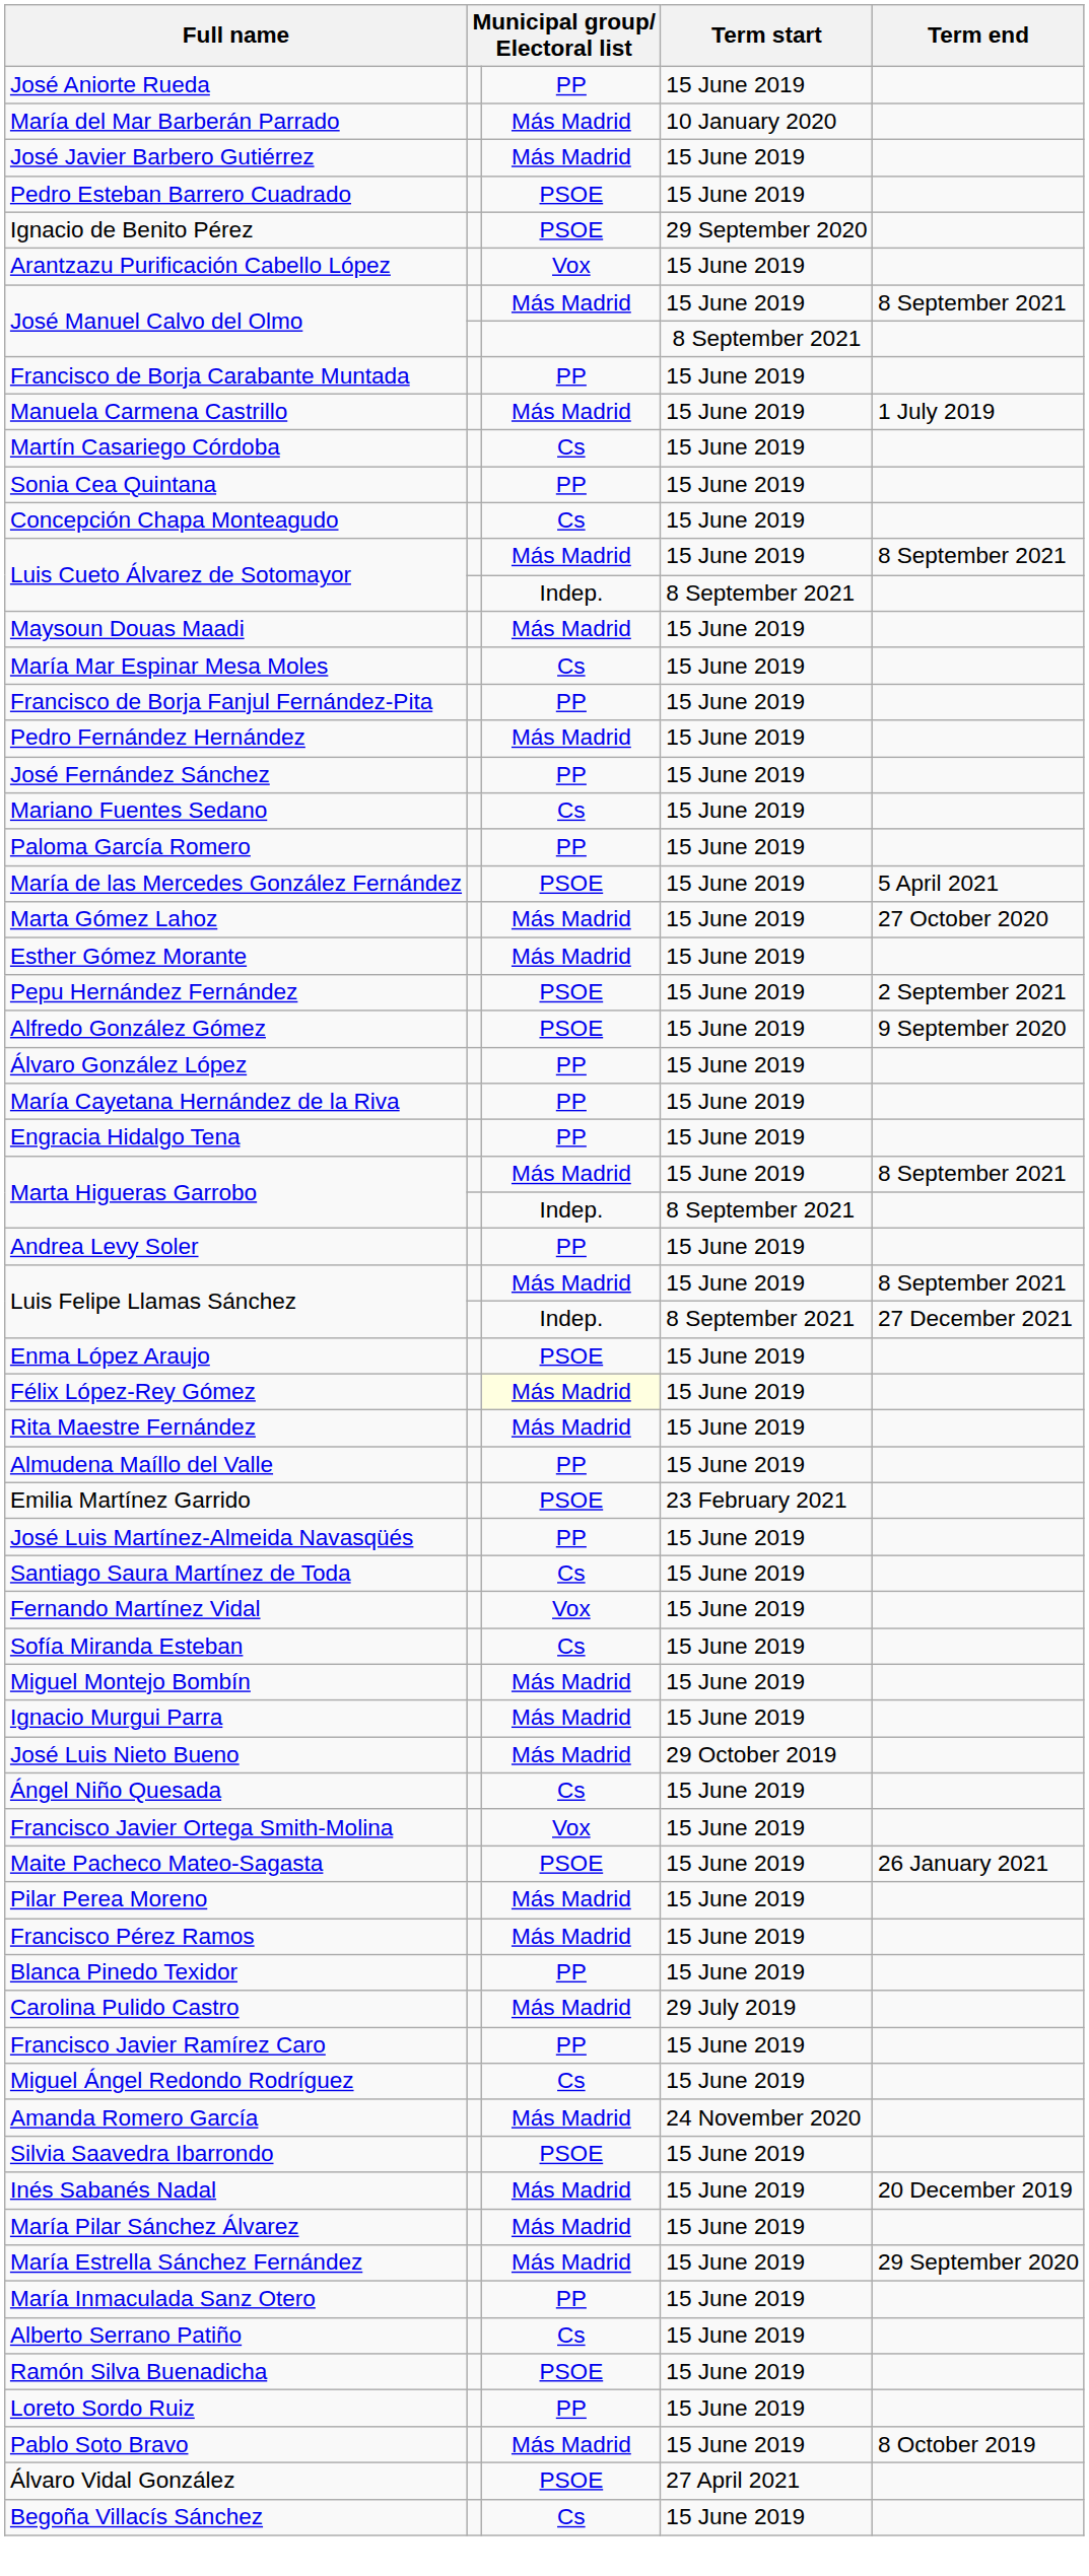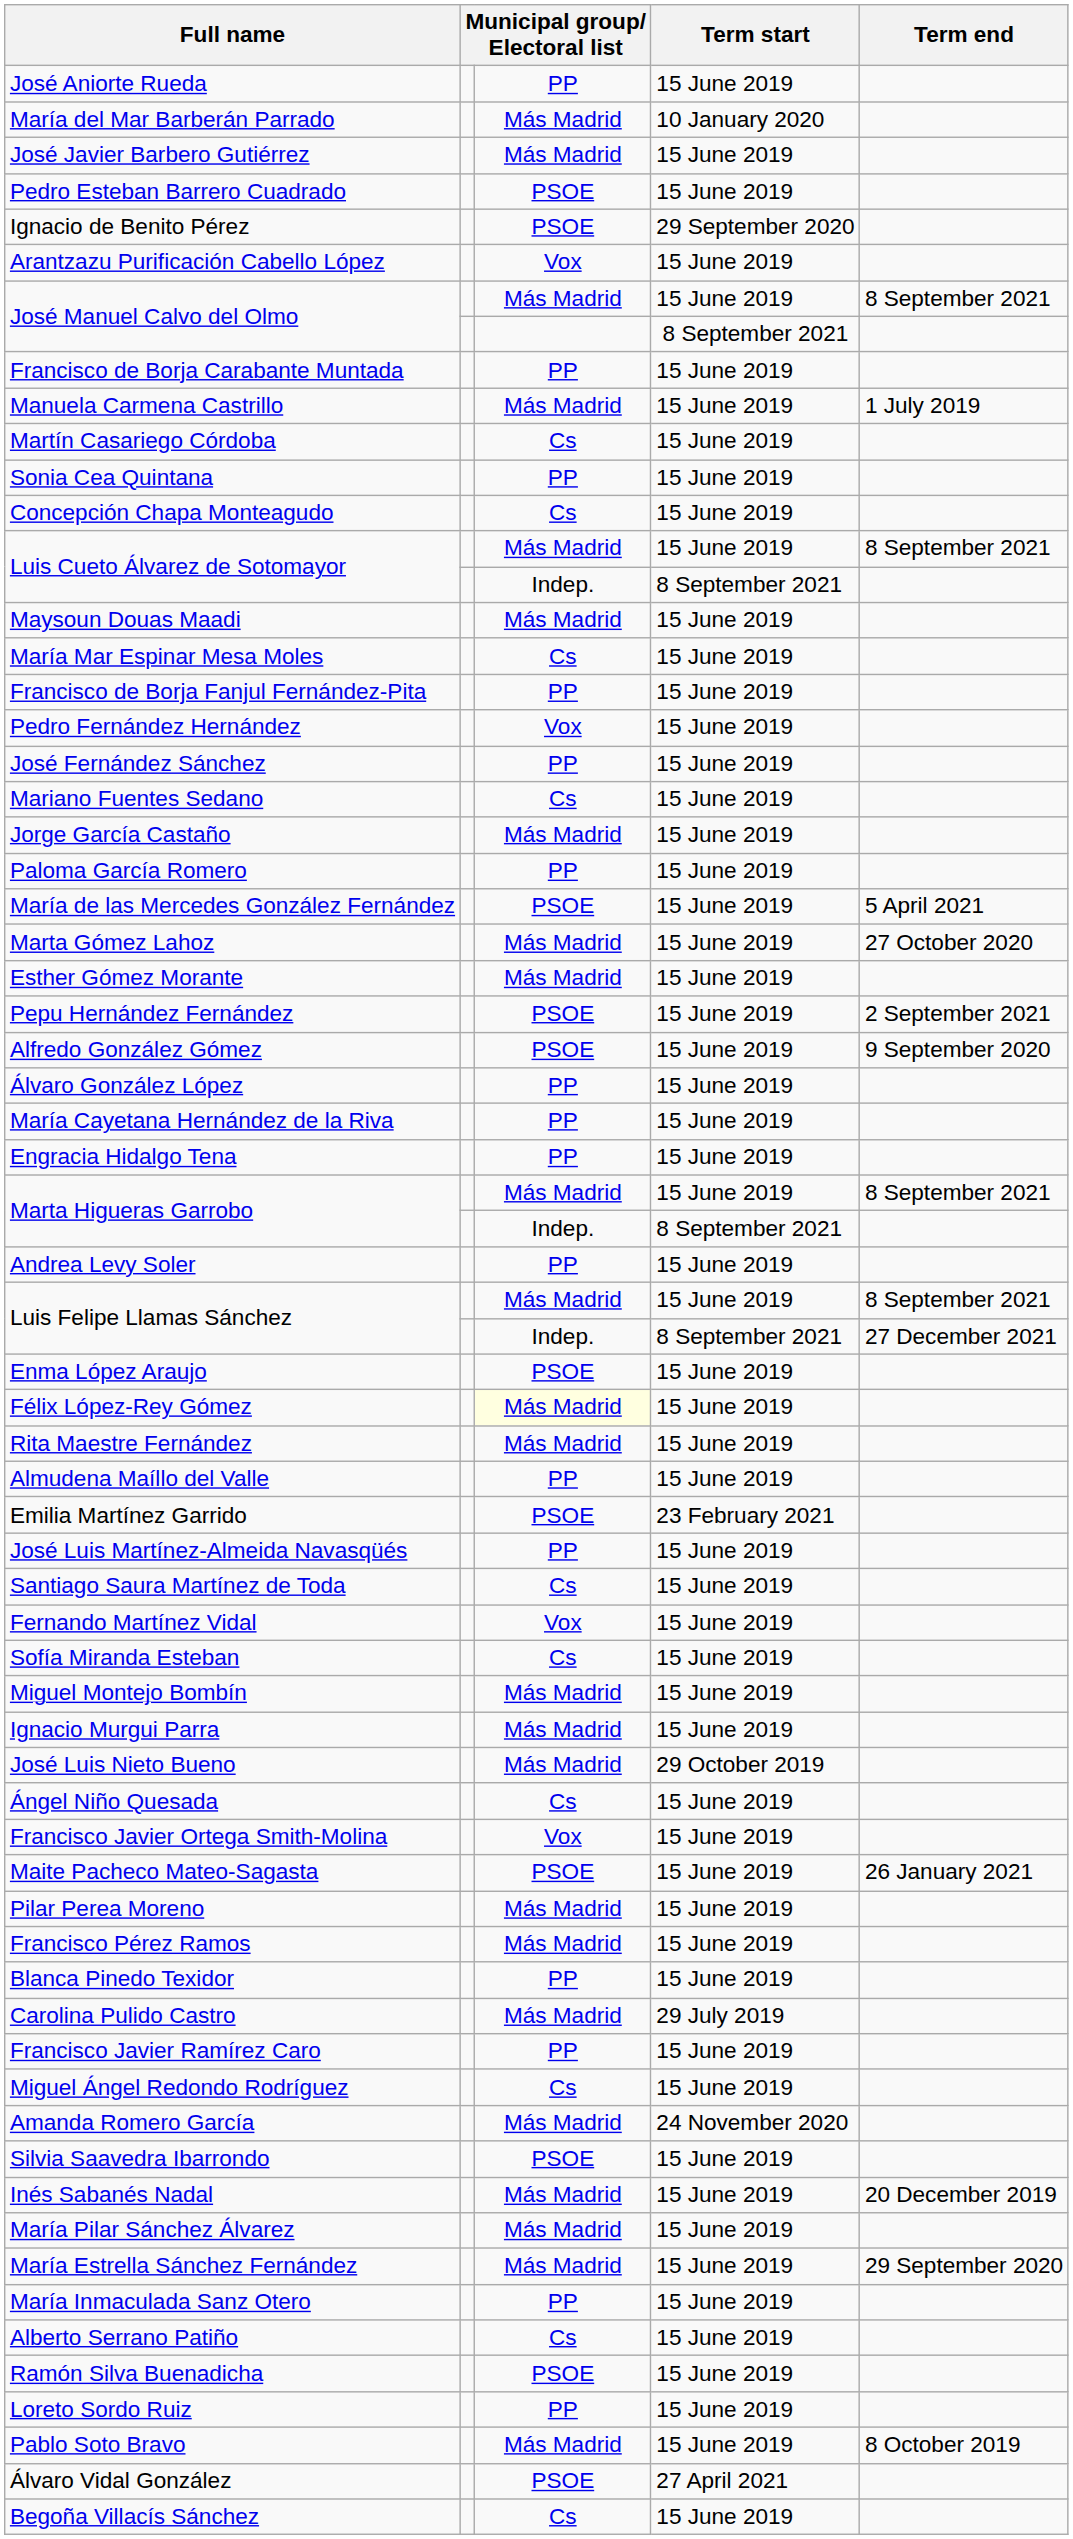 <table class="wikitable sortable">
 <tr>
 <th class="unsortable">Full name</th>
 <th colspan="2">Municipal group/<br>Electoral list</th>
 <th>Term start</th>
 <th>Term end</th>
 </tr>
 <tr>
 <td><a href='#'>José Aniorte Rueda</a></td>
 <td></td>
 <td align="center"><a href='#'>PP</a></td>
 <td>15 June 2019</td>
 <td></td>
 </tr>
 <tr>
 <td><a href='#'>María del Mar Barberán Parrado</a></td>
 <td></td>
 <td align="center"><a href='#'>Más Madrid</a></td>
 <td>10 January 2020</td>
 <td></td>
 </tr>
 <tr>
 <td><a href='#'>José Javier Barbero Gutiérrez</a></td>
 <td></td>
 <td align="center"><a href='#'>Más Madrid</a></td>
 <td>15 June 2019</td>
 <td></td>
 </tr>
 <tr>
 <td><a href='#'>Pedro Esteban Barrero Cuadrado</a></td>
 <td></td>
 <td align="center"><a href='#'>PSOE</a></td>
 <td>15 June 2019</td>
 <td></td>
 </tr>
 <tr>
 <td>Ignacio de Benito Pérez</td>
 <td></td>
 <td align="center"><a href='#'>PSOE</a></td>
 <td>29 September 2020</td>
 <td></td>
 </tr>
 <tr>
 <td><a href='#'>Arantzazu Purificación Cabello López</a></td>
 <td></td>
 <td align="center"><a href='#'>Vox</a></td>
 <td>15 June 2019</td>
 <td></td>
 </tr>
 <tr>
 <td rowspan="2"><a href='#'>José Manuel Calvo del Olmo</a></td>
 <td></td>
 <td align="center"><a href='#'>Más Madrid</a></td>
 <td>15 June 2019</td>
 <td>8 September 2021</td>
 </tr>
 <tr>
 <td></td>
 <td></td>
 <td align="center">8 September 2021</td>
 <td></td>
 </tr>
 <tr>
 <td><a href='#'>Francisco de Borja Carabante Muntada</a></td>
 <td></td>
 <td align="center"><a href='#'>PP</a></td>
 <td>15 June 2019</td>
 <td></td>
 </tr>
 <tr>
 <td><a href='#'>Manuela Carmena Castrillo</a></td>
 <td></td>
 <td align="center"><a href='#'>Más Madrid</a></td>
 <td>15 June 2019</td>
 <td>1 July 2019</td>
 </tr>
 <tr>
 <td><a href='#'>Martín Casariego Córdoba</a></td>
 <td></td>
 <td align="center"><a href='#'>Cs</a></td>
 <td>15 June 2019</td>
 <td></td>
 </tr>
 <tr>
 <td><a href='#'>Sonia Cea Quintana</a></td>
 <td></td>
 <td align="center"><a href='#'>PP</a></td>
 <td>15 June 2019</td>
 <td></td>
 </tr>
 <tr>
 <td><a href='#'>Concepción Chapa Monteagudo</a></td>
 <td></td>
 <td align="center"><a href='#'>Cs</a></td>
 <td>15 June 2019</td>
 <td></td>
 </tr>
 <tr>
 <td rowspan="2"><a href='#'>Luis Cueto Álvarez de Sotomayor</a></td>
 <td></td>
 <td align="center"><a href='#'>Más Madrid</a></td>
 <td>15 June 2019</td>
 <td>8 September 2021</td>
 </tr>
 <tr>
 <td></td>
 <td align="center">Indep.</td>
 <td>8 September 2021</td>
 <td></td>
 </tr>
 <tr>
 <td><a href='#'>Maysoun Douas Maadi</a></td>
 <td></td>
 <td align="center"><a href='#'>Más Madrid</a></td>
 <td>15 June 2019</td>
 <td></td>
 </tr>
 <tr>
 <td><a href='#'>María Mar Espinar Mesa Moles</a></td>
 <td></td>
 <td align="center"><a href='#'>Cs</a></td>
 <td>15 June 2019</td>
 <td></td>
 </tr>
 <tr>
 <td><a href='#'>Francisco de Borja Fanjul Fernández-Pita</a></td>
 <td></td>
 <td align="center"><a href='#'>PP</a></td>
 <td>15 June 2019</td>
 <td></td>
 </tr>
 <tr>
 <td><a href='#'>Pedro Fernández Hernández</a></td>
 <td></td>
-<td align="center"><a href='#'>Más Madrid</a></td>
+<td align="center"><a href='#'>Vox</a></td>
 <td>15 June 2019</td>
 <td></td>
 </tr>
 <tr>
 <td><a href='#'>José Fernández Sánchez</a></td>
 <td></td>
 <td align="center"><a href='#'>PP</a></td>
 <td>15 June 2019</td>
 <td></td>
 </tr>
 <tr>
 <td><a href='#'>Mariano Fuentes Sedano</a></td>
 <td></td>
 <td align="center"><a href='#'>Cs</a></td>
+<td>15 June 2019</td>
+<td></td>
+</tr>
+<tr>
+<td><a href='#'>Jorge García Castaño</a></td>
+<td></td>
+<td align="center"><a href='#'>Más Madrid</a></td>
 <td>15 June 2019</td>
 <td></td>
 </tr>
 <tr>
 <td><a href='#'>Paloma García Romero</a></td>
 <td></td>
 <td align="center"><a href='#'>PP</a></td>
 <td>15 June 2019</td>
 <td></td>
 </tr>
 <tr>
 <td><a href='#'>María de las Mercedes González Fernández</a></td>
 <td></td>
 <td align="center"><a href='#'>PSOE</a></td>
 <td>15 June 2019</td>
 <td>5 April 2021</td>
 </tr>
 <tr>
 <td><a href='#'>Marta Gómez Lahoz</a></td>
 <td></td>
 <td align="center"><a href='#'>Más Madrid</a></td>
 <td>15 June 2019</td>
 <td>27 October 2020</td>
 </tr>
 <tr>
 <td><a href='#'>Esther Gómez Morante</a></td>
 <td></td>
 <td align="center"><a href='#'>Más Madrid</a></td>
 <td>15 June 2019</td>
 <td></td>
 </tr>
 <tr>
 <td><a href='#'>Pepu Hernández Fernández</a></td>
 <td></td>
 <td align="center"><a href='#'>PSOE</a></td>
 <td>15 June 2019</td>
 <td>2 September 2021</td>
 </tr>
 <tr>
 <td><a href='#'>Alfredo González Gómez</a></td>
 <td></td>
 <td align="center"><a href='#'>PSOE</a></td>
 <td>15 June 2019</td>
 <td>9 September 2020</td>
 </tr>
 <tr>
 <td><a href='#'>Álvaro González López</a></td>
 <td></td>
 <td align="center"><a href='#'>PP</a></td>
 <td>15 June 2019</td>
 <td></td>
 </tr>
 <tr>
 <td><a href='#'>María Cayetana Hernández de la Riva</a></td>
 <td></td>
 <td align="center"><a href='#'>PP</a></td>
 <td>15 June 2019</td>
 <td></td>
 </tr>
 <tr>
 <td><a href='#'>Engracia Hidalgo Tena</a></td>
 <td></td>
 <td align="center"><a href='#'>PP</a></td>
 <td>15 June 2019</td>
 <td></td>
 </tr>
 <tr>
 <td rowspan="2"><a href='#'>Marta Higueras Garrobo</a></td>
 <td></td>
 <td align="center"><a href='#'>Más Madrid</a></td>
 <td>15 June 2019</td>
 <td>8 September 2021</td>
 </tr>
 <tr>
 <td></td>
 <td align="center">Indep.</td>
 <td>8 September 2021</td>
 <td></td>
 </tr>
 <tr>
 <td><a href='#'>Andrea Levy Soler</a></td>
 <td></td>
 <td align="center"><a href='#'>PP</a></td>
 <td>15 June 2019</td>
 <td></td>
 </tr>
 <tr>
 <td rowspan="2">Luis Felipe Llamas Sánchez</td>
 <td></td>
 <td align="center"><a href='#'>Más Madrid</a></td>
 <td>15 June 2019</td>
 <td>8 September 2021</td>
 </tr>
 <tr>
 <td></td>
 <td align="center">Indep.</td>
 <td>8 September 2021</td>
 <td>27 December 2021</td>
 </tr>
 <tr>
 <td><a href='#'>Enma López Araujo</a></td>
 <td></td>
 <td align="center"><a href='#'>PSOE</a></td>
 <td>15 June 2019</td>
 <td></td>
 </tr>
 <tr>
 <td><a href='#'>Félix López-Rey Gómez</a></td>
 <td></td>
 <td align="center" style="background: lightyellow;"><a href='#'>Más Madrid</a></td>
 <td>15 June 2019</td>
 <td></td>
 </tr>
 <tr>
 <td><a href='#'>Rita Maestre Fernández</a></td>
 <td></td>
 <td align="center"><a href='#'>Más Madrid</a></td>
 <td>15 June 2019</td>
 <td></td>
 </tr>
 <tr>
 <td><a href='#'>Almudena Maíllo del Valle</a></td>
 <td></td>
 <td align="center"><a href='#'>PP</a></td>
 <td>15 June 2019</td>
 <td></td>
 </tr>
 <tr>
 <td>Emilia Martínez Garrido</td>
 <td></td>
 <td align="center"><a href='#'>PSOE</a></td>
 <td>23 February 2021</td>
 <td></td>
 </tr>
 <tr>
 <td><a href='#'>José Luis Martínez-Almeida Navasqüés</a></td>
 <td></td>
 <td align="center"><a href='#'>PP</a></td>
 <td>15 June 2019</td>
 <td></td>
 </tr>
 <tr>
 <td><a href='#'>Santiago Saura Martínez de Toda</a></td>
 <td></td>
 <td align="center"><a href='#'>Cs</a></td>
 <td>15 June 2019</td>
 <td></td>
 </tr>
 <tr>
 <td><a href='#'>Fernando Martínez Vidal</a></td>
 <td></td>
 <td align="center"><a href='#'>Vox</a></td>
 <td>15 June 2019</td>
 <td></td>
 </tr>
 <tr>
 <td><a href='#'>Sofía Miranda Esteban</a></td>
 <td></td>
 <td align="center"><a href='#'>Cs</a></td>
 <td>15 June 2019</td>
 <td></td>
 </tr>
 <tr>
 <td><a href='#'>Miguel Montejo Bombín</a></td>
 <td></td>
 <td align="center"><a href='#'>Más Madrid</a></td>
 <td>15 June 2019</td>
 <td></td>
 </tr>
 <tr>
 <td><a href='#'>Ignacio Murgui Parra</a></td>
 <td></td>
 <td align="center"><a href='#'>Más Madrid</a></td>
 <td>15 June 2019</td>
 <td></td>
 </tr>
 <tr>
 <td><a href='#'>José Luis Nieto Bueno</a></td>
 <td></td>
 <td align="center"><a href='#'>Más Madrid</a></td>
 <td>29 October 2019</td>
 <td></td>
 </tr>
 <tr>
 <td><a href='#'>Ángel Niño Quesada</a></td>
 <td></td>
 <td align="center"><a href='#'>Cs</a></td>
 <td>15 June 2019</td>
 <td></td>
 </tr>
 <tr>
 <td><a href='#'>Francisco Javier Ortega Smith-Molina</a></td>
 <td></td>
 <td align="center"><a href='#'>Vox</a></td>
 <td>15 June 2019</td>
 <td></td>
 </tr>
 <tr>
 <td><a href='#'>Maite Pacheco Mateo-Sagasta</a></td>
 <td></td>
 <td align="center"><a href='#'>PSOE</a></td>
 <td>15 June 2019</td>
 <td>26 January 2021</td>
 </tr>
 <tr>
 <td><a href='#'>Pilar Perea Moreno</a></td>
 <td></td>
 <td align="center"><a href='#'>Más Madrid</a></td>
 <td>15 June 2019</td>
 <td></td>
 </tr>
 <tr>
 <td><a href='#'>Francisco Pérez Ramos</a></td>
 <td></td>
 <td align="center"><a href='#'>Más Madrid</a></td>
 <td>15 June 2019</td>
 <td></td>
 </tr>
 <tr>
 <td><a href='#'>Blanca Pinedo Texidor</a></td>
 <td></td>
 <td align="center"><a href='#'>PP</a></td>
 <td>15 June 2019</td>
 <td></td>
 </tr>
 <tr>
 <td><a href='#'>Carolina Pulido Castro</a></td>
 <td></td>
 <td align="center"><a href='#'>Más Madrid</a></td>
 <td>29 July 2019</td>
 <td></td>
 </tr>
 <tr>
 <td><a href='#'>Francisco Javier Ramírez Caro</a></td>
 <td></td>
 <td align="center"><a href='#'>PP</a></td>
 <td>15 June 2019</td>
 <td></td>
 </tr>
 <tr>
 <td><a href='#'>Miguel Ángel Redondo Rodríguez</a></td>
 <td></td>
 <td align="center"><a href='#'>Cs</a></td>
 <td>15 June 2019</td>
 <td></td>
 </tr>
 <tr>
 <td><a href='#'>Amanda Romero García</a></td>
 <td></td>
 <td align="center"><a href='#'>Más Madrid</a></td>
 <td>24 November 2020</td>
 <td></td>
 </tr>
 <tr>
 <td><a href='#'>Silvia Saavedra Ibarrondo</a></td>
 <td></td>
 <td align="center"><a href='#'>PSOE</a></td>
 <td>15 June 2019</td>
 <td></td>
 </tr>
 <tr>
 <td><a href='#'>Inés Sabanés Nadal</a></td>
 <td></td>
 <td align="center"><a href='#'>Más Madrid</a></td>
 <td>15 June 2019</td>
 <td>20 December 2019</td>
 </tr>
 <tr>
 <td><a href='#'>María Pilar Sánchez Álvarez</a></td>
 <td></td>
 <td align="center"><a href='#'>Más Madrid</a></td>
 <td>15 June 2019</td>
 <td></td>
 </tr>
 <tr>
 <td><a href='#'>María Estrella Sánchez Fernández</a></td>
 <td></td>
 <td align="center"><a href='#'>Más Madrid</a></td>
 <td>15 June 2019</td>
 <td>29 September 2020</td>
 </tr>
 <tr>
 <td><a href='#'>María Inmaculada Sanz Otero</a></td>
 <td></td>
 <td align="center"><a href='#'>PP</a></td>
 <td>15 June 2019</td>
 <td></td>
 </tr>
 <tr>
 <td><a href='#'>Alberto Serrano Patiño</a></td>
 <td></td>
 <td align="center"><a href='#'>Cs</a></td>
 <td>15 June 2019</td>
 <td></td>
 </tr>
 <tr>
 <td><a href='#'>Ramón Silva Buenadicha</a></td>
 <td></td>
 <td align="center"><a href='#'>PSOE</a></td>
 <td>15 June 2019</td>
 <td></td>
 </tr>
 <tr>
 <td><a href='#'>Loreto Sordo Ruiz</a></td>
 <td></td>
 <td align="center"><a href='#'>PP</a></td>
 <td>15 June 2019</td>
 <td></td>
 </tr>
 <tr>
 <td><a href='#'>Pablo Soto Bravo</a></td>
 <td></td>
 <td align="center"><a href='#'>Más Madrid</a></td>
 <td>15 June 2019</td>
 <td>8 October 2019</td>
 </tr>
 <tr>
 <td>Álvaro Vidal González</td>
 <td></td>
 <td align="center"><a href='#'>PSOE</a></td>
 <td>27 April 2021</td>
 <td></td>
 </tr>
 <tr>
 <td><a href='#'>Begoña Villacís Sánchez</a></td>
 <td></td>
 <td align="center"><a href='#'>Cs</a></td>
 <td>15 June 2019</td>
 <td></td>
 </tr>
 </table>
